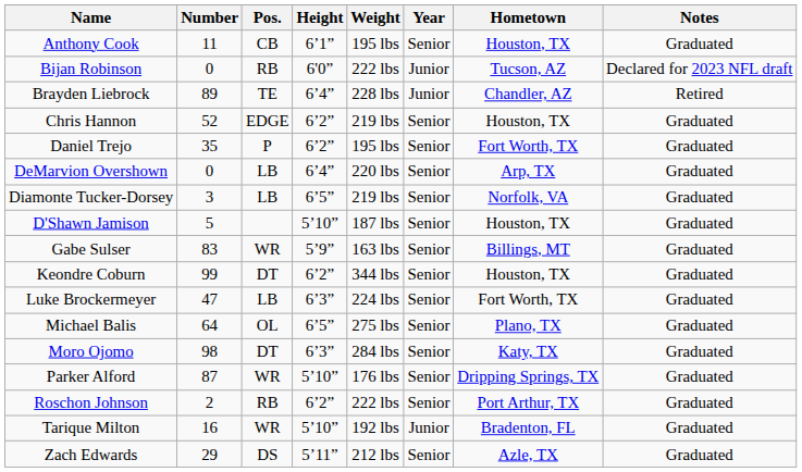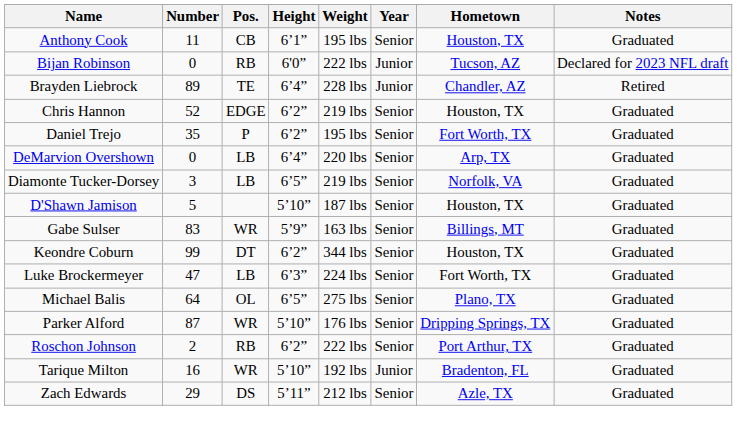 <table class="wikitable sortable collapsible">
 <tr>
 </tr>
 <tr>
 <th style="text-align:center; ">Name</th>
 <th style="text-align:center; ">Number</th>
 <th style="text-align:center; ">Pos.</th>
 <th style="text-align:center; ">Height</th>
 <th style="text-align:center; ">Weight</th>
 <th style="text-align:center; ">Year</th>
 <th style="text-align:center; ">Hometown</th>
 <th style="text-align:center; ">Notes</th>
 </tr>
 <tr align="center">
 <td><a href='#'>Anthony Cook</a></td>
 <td>11</td>
 <td>CB</td>
 <td>6’1”</td>
 <td>195 lbs</td>
 <td>Senior</td>
 <td><a href='#'>Houston, TX</a></td>
 <td>Graduated</td>
 </tr>
 <tr align="center">
 <td><a href='#'>Bijan Robinson</a></td>
 <td>0</td>
 <td>RB</td>
 <td>6'0”</td>
 <td>222 lbs</td>
 <td>Junior</td>
 <td><a href='#'>Tucson, AZ</a></td>
 <td>Declared for <a href='#'>2023 NFL draft</a></td>
 </tr>
 <tr align="center">
 <td>Brayden Liebrock</td>
 <td>89</td>
 <td>TE</td>
 <td>6’4”</td>
 <td>228 lbs</td>
 <td>Junior</td>
 <td><a href='#'>Chandler, AZ</a></td>
 <td>Retired</td>
 </tr>
 <tr align="center">
 <td>Chris Hannon</td>
 <td>52</td>
 <td>EDGE</td>
 <td>6’2”</td>
 <td>219 lbs</td>
 <td>Senior</td>
 <td>Houston, TX</td>
 <td>Graduated</td>
 </tr>
 <tr align="center">
 <td>Daniel Trejo</td>
 <td>35</td>
 <td>P</td>
 <td>6’2”</td>
 <td>195 lbs</td>
 <td>Senior</td>
 <td><a href='#'>Fort Worth, TX</a></td>
 <td>Graduated</td>
 </tr>
 <tr align="center">
 <td><a href='#'>DeMarvion Overshown</a></td>
 <td>0</td>
 <td>LB</td>
 <td>6’4”</td>
 <td>220 lbs</td>
 <td>Senior</td>
 <td><a href='#'>Arp, TX</a></td>
 <td>Graduated</td>
 </tr>
 <tr align="center">
 <td>Diamonte Tucker-Dorsey</td>
 <td>3</td>
 <td>LB</td>
 <td>6’5”</td>
 <td>219 lbs</td>
 <td>Senior</td>
 <td><a href='#'>Norfolk, VA</a></td>
 <td>Graduated</td>
 </tr>
 <tr align="center">
 <td><a href='#'>D'Shawn Jamison</a></td>
 <td>5</td>
 <td></td>
 <td>5’10”</td>
 <td>187 lbs</td>
 <td>Senior</td>
 <td>Houston, TX</td>
 <td>Graduated</td>
 </tr>
 <tr align="center">
 <td>Gabe Sulser</td>
 <td>83</td>
 <td>WR</td>
 <td>5’9”</td>
 <td>163 lbs</td>
 <td>Senior</td>
 <td><a href='#'>Billings, MT</a></td>
 <td>Graduated</td>
 </tr>
 <tr align="center">
 <td>Keondre Coburn</td>
 <td>99</td>
 <td>DT</td>
 <td>6’2”</td>
 <td>344 lbs</td>
 <td>Senior</td>
 <td>Houston, TX</td>
 <td>Graduated</td>
 </tr>
 <tr align="center">
 <td>Luke Brockermeyer</td>
 <td>47</td>
 <td>LB</td>
 <td>6’3”</td>
 <td>224 lbs</td>
 <td>Senior</td>
 <td>Fort Worth, TX</td>
 <td>Graduated</td>
 </tr>
 <tr align="center">
 <td>Michael Balis</td>
 <td>64</td>
 <td>OL</td>
 <td>6’5”</td>
 <td>275 lbs</td>
 <td>Senior</td>
 <td><a href='#'>Plano, TX</a></td>
 <td>Graduated</td>
 </tr>
 <tr align="center">
-<td><a href='#'>Moro Ojomo</a></td>
-<td>98</td>
-<td>DT</td>
-<td>6’3”</td>
-<td>284 lbs</td>
-<td>Senior</td>
-<td><a href='#'>Katy, TX</a></td>
-<td>Graduated</td>
-</tr>
-<tr align="center">
 <td>Parker Alford</td>
 <td>87</td>
 <td>WR</td>
 <td>5’10”</td>
 <td>176 lbs</td>
 <td>Senior</td>
 <td><a href='#'>Dripping Springs, TX</a></td>
 <td>Graduated</td>
 </tr>
 <tr align="center">
 <td><a href='#'>Roschon Johnson</a></td>
 <td>2</td>
 <td>RB</td>
 <td>6’2”</td>
 <td>222 lbs</td>
 <td>Senior</td>
 <td><a href='#'>Port Arthur, TX</a></td>
 <td>Graduated</td>
 </tr>
 <tr align="center">
 <td>Tarique Milton</td>
 <td>16</td>
 <td>WR</td>
 <td>5’10”</td>
 <td>192 lbs</td>
 <td>Junior</td>
 <td><a href='#'>Bradenton, FL</a></td>
 <td>Graduated</td>
 </tr>
 <tr align="center">
 <td>Zach Edwards</td>
 <td>29</td>
 <td>DS</td>
 <td>5’11”</td>
 <td>212 lbs</td>
 <td>Senior</td>
 <td><a href='#'>Azle, TX</a></td>
 <td>Graduated</td>
 </tr>
 </table>
